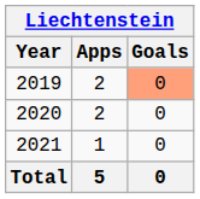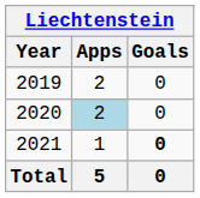 <table class="wikitable" style="text-align:center">
 <tr>
 <th colspan=4><a href='#'>Liechtenstein</a></th>
 </tr>
 <tr>
 <th>Year</th>
 <th>Apps</th>
 <th>Goals</th>
 </tr>
 <tr>
 <td>2019</td>
 <td>2</td>
-<td style="background: lightsalmon;">0</td>
+<td>0</td>
 </tr>
 <tr>
 <td>2020</td>
-<td>2</td>
+<td style="background: lightblue;">2</td>
 <td>0</td>
 </tr>
 <tr>
 <td>2021</td>
 <td>1</td>
-<td>0</td>
+<td><strong>0</strong></td>
 </tr>
 <tr>
 <th>Total</th>
 <th>5</th>
 <th>0</th>
 </tr>
 </table>
